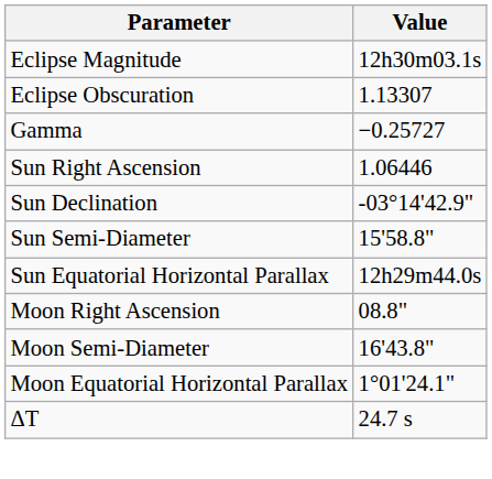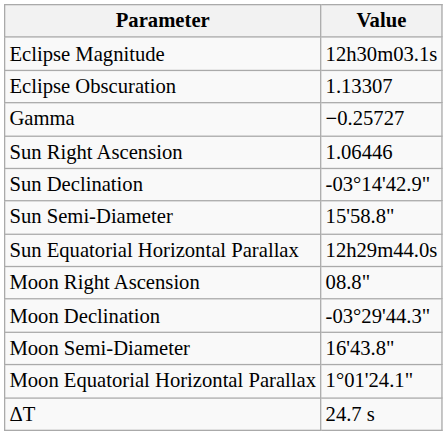 <table class="wikitable">
 <tr>
 <th>Parameter</th>
 <th>Value</th>
 </tr>
 <tr>
 <td>Eclipse Magnitude</td>
 <td>12h30m03.1s</td>
 </tr>
 <tr>
 <td>Eclipse Obscuration</td>
 <td>1.13307</td>
 </tr>
 <tr>
 <td>Gamma</td>
 <td>−0.25727</td>
 </tr>
 <tr>
 <td>Sun Right Ascension</td>
 <td>1.06446</td>
 </tr>
 <tr>
 <td>Sun Declination</td>
 <td>-03°14'42.9"</td>
 </tr>
 <tr>
 <td>Sun Semi-Diameter</td>
 <td>15'58.8"</td>
 </tr>
 <tr>
 <td>Sun Equatorial Horizontal Parallax</td>
 <td>12h29m44.0s</td>
 </tr>
 <tr>
 <td>Moon Right Ascension</td>
 <td>08.8"</td>
 </tr>
 <tr>
+<td>Moon Declination</td>
+<td>-03°29'44.3"</td>
+</tr>
+<tr>
 <td>Moon Semi-Diameter</td>
 <td>16'43.8"</td>
 </tr>
 <tr>
 <td>Moon Equatorial Horizontal Parallax</td>
 <td>1°01'24.1"</td>
 </tr>
 <tr>
 <td>ΔT</td>
 <td>24.7 s</td>
 </tr>
 </table>
